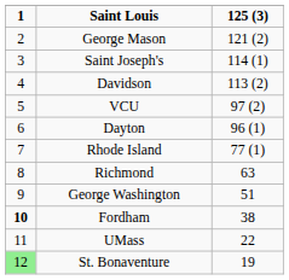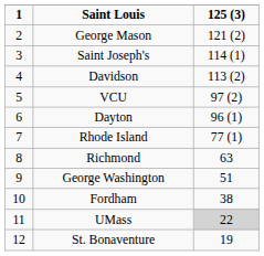 <table class="wikitable" style="width: 25%;text-align: center;">
 <tr align="center">
 </tr>
 <tr align="center">
 <td><strong>1</strong></td>
 <td><strong>Saint Louis</strong></td>
 <td><strong>125 (3)</strong></td>
 </tr>
 <tr>
 <td>2</td>
 <td>George Mason</td>
 <td>121 (2)</td>
 </tr>
 <tr>
 <td>3</td>
 <td>Saint Joseph's</td>
 <td>114 (1)</td>
 </tr>
 <tr>
 <td>4</td>
 <td>Davidson</td>
 <td>113 (2)</td>
 </tr>
 <tr>
 <td>5</td>
 <td>VCU</td>
 <td>97 (2)</td>
 </tr>
 <tr>
 <td>6</td>
 <td>Dayton</td>
 <td>96 (1)</td>
 </tr>
 <tr>
 <td>7</td>
 <td>Rhode Island</td>
 <td>77 (1)</td>
 </tr>
 <tr>
 <td>8</td>
 <td>Richmond</td>
 <td>63</td>
 </tr>
 <tr>
 <td>9</td>
 <td>George Washington</td>
 <td>51</td>
 </tr>
 <tr>
-<td><strong>10</strong></td>
+<td>10</td>
 <td>Fordham</td>
 <td>38</td>
 </tr>
 <tr>
 <td>11</td>
 <td>UMass</td>
-<td>22</td>
+<td style="background: lightgrey;">22</td>
 </tr>
 <tr>
-<td style="background: lightgreen;">12</td>
+<td>12</td>
 <td>St. Bonaventure</td>
 <td>19</td>
 </tr>
 </table>
